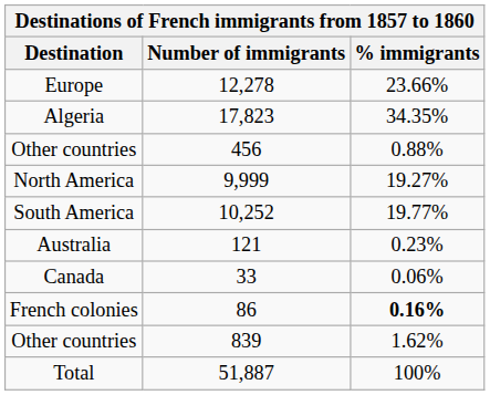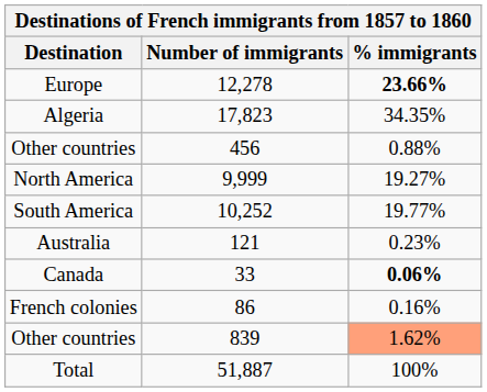 <table class="wikitable" style="text-align:center;">
 <tr>
 <th colspan=5>Destinations of French immigrants from 1857 to 1860</th>
 </tr>
 <tr>
 <th>Destination</th>
 <th>Number of immigrants</th>
 <th>% immigrants</th>
 </tr>
 <tr>
 <td>Europe</td>
 <td>12,278</td>
-<td>23.66%</td>
+<td><strong>23.66%</strong></td>
 </tr>
 <tr>
 <td>Algeria</td>
 <td>17,823</td>
 <td>34.35%</td>
 </tr>
 <tr>
 <td>Other countries</td>
 <td>456</td>
 <td>0.88%</td>
 </tr>
 <tr>
 <td>North America</td>
 <td>9,999</td>
 <td>19.27%</td>
 </tr>
 <tr>
 <td>South America</td>
 <td>10,252</td>
 <td>19.77%</td>
 </tr>
 <tr>
 <td>Australia</td>
 <td>121</td>
 <td>0.23%</td>
 </tr>
 <tr>
 <td>Canada</td>
 <td>33</td>
-<td>0.06%</td>
+<td><strong>0.06%</strong></td>
 </tr>
 <tr>
 <td>French colonies</td>
 <td>86</td>
-<td><strong>0.16%</strong></td>
+<td>0.16%</td>
 </tr>
 <tr>
 <td>Other countries</td>
 <td>839</td>
-<td>1.62%</td>
+<td style="background: lightsalmon;">1.62%</td>
 </tr>
 <tr>
 <td>Total</td>
 <td>51,887</td>
 <td>100%</td>
 </tr>
 </table>
